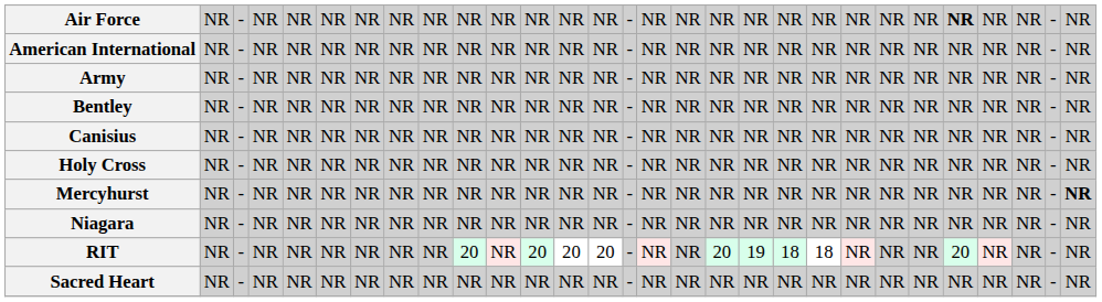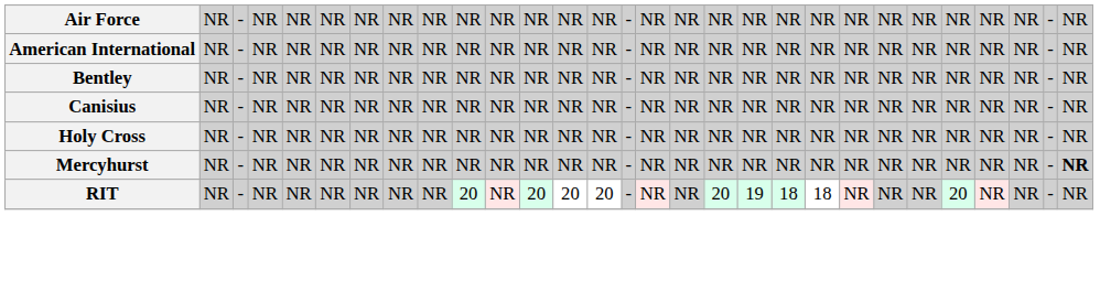 <table class="wikitable sortable" style="text-align: center;">
 <tr>
 </tr>
 <tr bgcolor=d0d0d0>
 <th>Air Force</th>
-<td>NR</td>
-<td>-</td>
-<td>NR</td>
-<td>NR</td>
-<td>NR</td>
-<td>NR</td>
-<td>NR</td>
-<td>NR</td>
-<td>NR</td>
-<td>NR</td>
-<td>NR</td>
-<td>NR</td>
-<td>NR</td>
-<td>-</td>
-<td>NR</td>
-<td>NR</td>
-<td>NR</td>
-<td>NR</td>
-<td>NR</td>
-<td>NR</td>
-<td>NR</td>
-<td>NR</td>
-<td>NR</td>
-<td><strong>NR</strong></td>
-<td>NR</td>
-<td>NR</td>
-<td>-</td>
-<td>NR</td>
-</tr>
-<tr bgcolor=d0d0d0>
-<th>American International</th>
 <td>NR</td>
 <td>-</td>
 <td>NR</td>
 <td>NR</td>
 <td>NR</td>
 <td>NR</td>
 <td>NR</td>
 <td>NR</td>
 <td>NR</td>
 <td>NR</td>
 <td>NR</td>
 <td>NR</td>
 <td>NR</td>
 <td>-</td>
 <td>NR</td>
 <td>NR</td>
 <td>NR</td>
 <td>NR</td>
 <td>NR</td>
 <td>NR</td>
 <td>NR</td>
 <td>NR</td>
 <td>NR</td>
 <td>NR</td>
 <td>NR</td>
 <td>NR</td>
 <td>-</td>
 <td>NR</td>
 </tr>
 <tr bgcolor=d0d0d0>
-<th>Army</th>
+<th>American International</th>
 <td>NR</td>
 <td>-</td>
 <td>NR</td>
 <td>NR</td>
 <td>NR</td>
 <td>NR</td>
 <td>NR</td>
 <td>NR</td>
 <td>NR</td>
 <td>NR</td>
 <td>NR</td>
 <td>NR</td>
 <td>NR</td>
 <td>-</td>
 <td>NR</td>
 <td>NR</td>
 <td>NR</td>
 <td>NR</td>
 <td>NR</td>
 <td>NR</td>
 <td>NR</td>
 <td>NR</td>
 <td>NR</td>
 <td>NR</td>
 <td>NR</td>
 <td>NR</td>
 <td>-</td>
 <td>NR</td>
 </tr>
 <tr bgcolor=d0d0d0>
 <th>Bentley</th>
 <td>NR</td>
 <td>-</td>
 <td>NR</td>
 <td>NR</td>
 <td>NR</td>
 <td>NR</td>
 <td>NR</td>
 <td>NR</td>
 <td>NR</td>
 <td>NR</td>
 <td>NR</td>
 <td>NR</td>
 <td>NR</td>
 <td>-</td>
 <td>NR</td>
 <td>NR</td>
 <td>NR</td>
 <td>NR</td>
 <td>NR</td>
 <td>NR</td>
 <td>NR</td>
 <td>NR</td>
 <td>NR</td>
 <td>NR</td>
 <td>NR</td>
 <td>NR</td>
 <td>-</td>
 <td>NR</td>
 </tr>
 <tr bgcolor=d0d0d0>
 <th>Canisius</th>
 <td>NR</td>
 <td>-</td>
 <td>NR</td>
 <td>NR</td>
 <td>NR</td>
 <td>NR</td>
 <td>NR</td>
 <td>NR</td>
 <td>NR</td>
 <td>NR</td>
 <td>NR</td>
 <td>NR</td>
 <td>NR</td>
 <td>-</td>
 <td>NR</td>
 <td>NR</td>
 <td>NR</td>
 <td>NR</td>
 <td>NR</td>
 <td>NR</td>
 <td>NR</td>
 <td>NR</td>
 <td>NR</td>
 <td>NR</td>
 <td>NR</td>
 <td>NR</td>
 <td>-</td>
 <td>NR</td>
 </tr>
 <tr bgcolor=d0d0d0>
 <th>Holy Cross</th>
 <td>NR</td>
 <td>-</td>
 <td>NR</td>
 <td>NR</td>
 <td>NR</td>
 <td>NR</td>
 <td>NR</td>
 <td>NR</td>
 <td>NR</td>
 <td>NR</td>
 <td>NR</td>
 <td>NR</td>
 <td>NR</td>
 <td>-</td>
 <td>NR</td>
 <td>NR</td>
 <td>NR</td>
 <td>NR</td>
 <td>NR</td>
 <td>NR</td>
 <td>NR</td>
 <td>NR</td>
 <td>NR</td>
 <td>NR</td>
 <td>NR</td>
 <td>NR</td>
 <td>-</td>
 <td>NR</td>
 </tr>
 <tr bgcolor=d0d0d0>
 <th>Mercyhurst</th>
 <td>NR</td>
 <td>-</td>
 <td>NR</td>
 <td>NR</td>
 <td>NR</td>
 <td>NR</td>
 <td>NR</td>
 <td>NR</td>
 <td>NR</td>
 <td>NR</td>
 <td>NR</td>
 <td>NR</td>
 <td>NR</td>
 <td>-</td>
 <td>NR</td>
 <td>NR</td>
 <td>NR</td>
 <td>NR</td>
 <td>NR</td>
 <td>NR</td>
 <td>NR</td>
 <td>NR</td>
 <td>NR</td>
 <td>NR</td>
 <td>NR</td>
 <td>NR</td>
 <td>-</td>
 <td><strong>NR</strong></td>
 </tr>
 <tr bgcolor=d0d0d0>
-<th>Niagara</th>
-<td>NR</td>
-<td>-</td>
-<td>NR</td>
-<td>NR</td>
-<td>NR</td>
-<td>NR</td>
-<td>NR</td>
-<td>NR</td>
-<td>NR</td>
-<td>NR</td>
-<td>NR</td>
-<td>NR</td>
-<td>NR</td>
-<td>-</td>
-<td>NR</td>
-<td>NR</td>
-<td>NR</td>
-<td>NR</td>
-<td>NR</td>
-<td>NR</td>
-<td>NR</td>
-<td>NR</td>
-<td>NR</td>
-<td>NR</td>
-<td>NR</td>
-<td>NR</td>
-<td>-</td>
-<td>NR</td>
-</tr>
-<tr bgcolor=d0d0d0>
 <th>RIT</th>
 <td>NR</td>
 <td>-</td>
 <td>NR</td>
 <td>NR</td>
 <td>NR</td>
 <td>NR</td>
 <td>NR</td>
 <td>NR</td>
 <td bgcolor=D8FFEB>20</td>
 <td bgcolor=FFE6E6>NR</td>
 <td bgcolor=D8FFEB>20</td>
 <td bgcolor=FFFFFF>20</td>
 <td bgcolor=FFFFFF>20</td>
 <td>-</td>
 <td bgcolor=FFE6E6>NR</td>
 <td>NR</td>
 <td bgcolor=D8FFEB>20</td>
 <td bgcolor=D8FFEB>19</td>
 <td bgcolor=D8FFEB>18</td>
 <td bgcolor=FFFFFF>18</td>
 <td bgcolor=FFE6E6>NR</td>
 <td>NR</td>
 <td>NR</td>
 <td bgcolor=D8FFEB>20</td>
 <td bgcolor=FFE6E6>NR</td>
 <td>NR</td>
 <td>-</td>
 <td>NR</td>
 </tr>
-<tr bgcolor=d0d0d0>
-<th>Sacred Heart</th>
-<td>NR</td>
-<td>-</td>
-<td>NR</td>
-<td>NR</td>
-<td>NR</td>
-<td>NR</td>
-<td>NR</td>
-<td>NR</td>
-<td>NR</td>
-<td>NR</td>
-<td>NR</td>
-<td>NR</td>
-<td>NR</td>
-<td>-</td>
-<td>NR</td>
-<td>NR</td>
-<td>NR</td>
-<td>NR</td>
-<td>NR</td>
-<td>NR</td>
-<td>NR</td>
-<td>NR</td>
-<td>NR</td>
-<td>NR</td>
-<td>NR</td>
-<td>NR</td>
-<td>-</td>
-<td>NR</td>
-</tr>
 <tr>
 </tr>
 </table>
